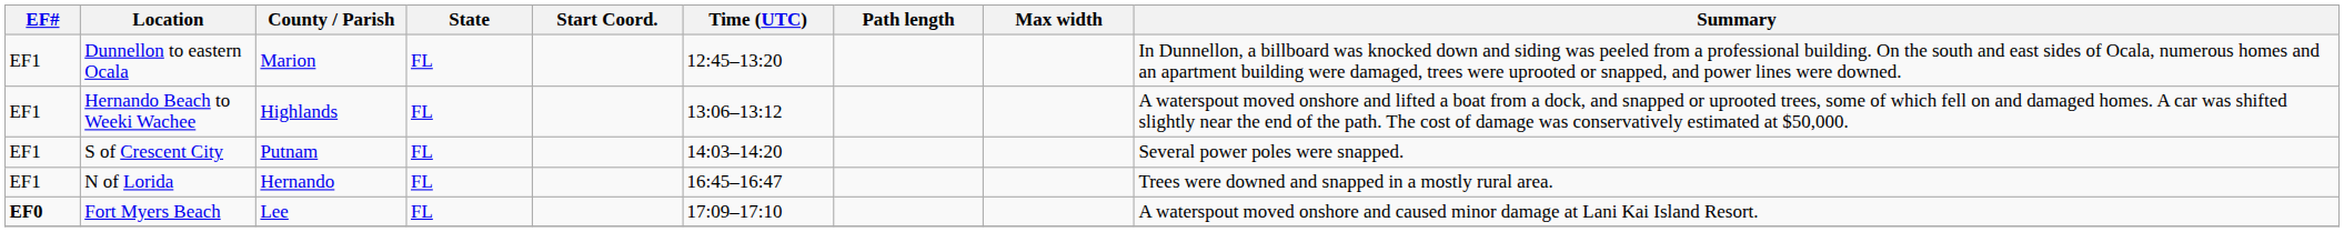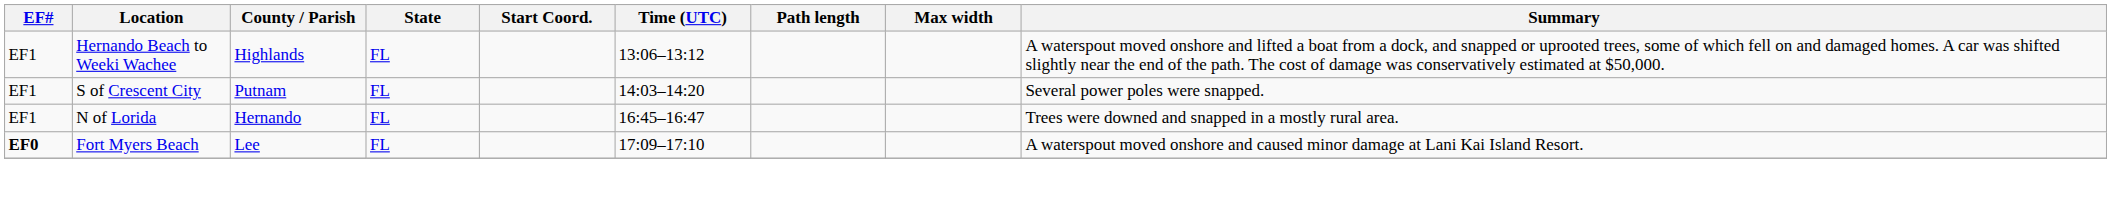 <table class="wikitable sortable" style="width:100%;">
 <tr>
 <th scope="col"  style="width:3%; text-align:center;"><a href='#'>EF#</a></th>
 <th scope="col"  style="width:7%; text-align:center;" class="unsortable">Location</th>
 <th scope="col"  style="width:6%; text-align:center;" class="unsortable">County / Parish</th>
 <th scope="col"  style="width:5%; text-align:center;">State</th>
 <th scope="col"  style="width:6%; text-align:center;">Start Coord.</th>
 <th scope="col"  style="width:6%; text-align:center;">Time (<a href='#'>UTC</a>)</th>
 <th scope="col"  style="width:6%; text-align:center;">Path length</th>
 <th scope="col"  style="width:6%; text-align:center;">Max width</th>
 <th scope="col" class="unsortable" style="width:48%; text-align:center;">Summary</th>
-</tr>
-<tr>
-<td>EF1</td>
-<td><a href='#'>Dunnellon</a> to eastern <a href='#'>Ocala</a></td>
-<td><a href='#'>Marion</a></td>
-<td><a href='#'>FL</a></td>
-<td></td>
-<td>12:45–13:20</td>
-<td></td>
-<td></td>
-<td>In Dunnellon, a billboard was knocked down and siding was peeled from a professional building. On the south and east sides of Ocala, numerous homes and an apartment building were damaged, trees were uprooted or snapped, and power lines were downed.</td>
 </tr>
 <tr>
 <td>EF1</td>
 <td><a href='#'>Hernando Beach</a> to <a href='#'>Weeki Wachee</a></td>
 <td><a href='#'>Highlands</a></td>
 <td><a href='#'>FL</a></td>
 <td></td>
 <td>13:06–13:12</td>
 <td></td>
 <td></td>
 <td>A waterspout moved onshore and lifted a boat from a dock, and snapped or uprooted trees, some of which fell on and damaged homes. A car was shifted slightly near the end of the path. The cost of damage was conservatively estimated at $50,000.</td>
 </tr>
 <tr>
 <td>EF1</td>
 <td>S of <a href='#'>Crescent City</a></td>
 <td><a href='#'>Putnam</a></td>
 <td><a href='#'>FL</a></td>
 <td></td>
 <td>14:03–14:20</td>
 <td></td>
 <td></td>
 <td>Several power poles were snapped.</td>
 </tr>
 <tr>
 <td>EF1</td>
 <td>N of <a href='#'>Lorida</a></td>
 <td><a href='#'>Hernando</a></td>
 <td><a href='#'>FL</a></td>
 <td></td>
 <td>16:45–16:47</td>
 <td></td>
 <td></td>
 <td>Trees were downed and snapped in a mostly rural area.</td>
 </tr>
 <tr>
 <td><strong>EF0</strong></td>
 <td><a href='#'>Fort Myers Beach</a></td>
 <td><a href='#'>Lee</a></td>
 <td><a href='#'>FL</a></td>
 <td></td>
 <td>17:09–17:10</td>
 <td></td>
 <td></td>
 <td>A waterspout moved onshore and caused minor damage at Lani Kai Island Resort.</td>
 </tr>
 <tr>
 </tr>
 </table>
